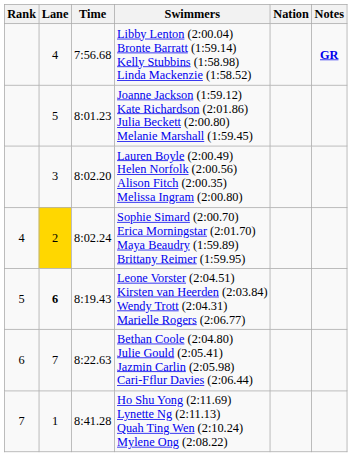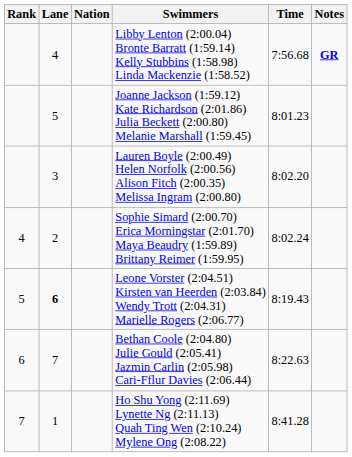 <table class="wikitable sortable" style="text-align:center">
 <tr>
 <th>Rank</th>
 <th>Lane</th>
+<th>Nation</th>
+<th>Swimmers</th>
 <th>Time</th>
-<th>Swimmers</th>
-<th>Nation</th>
 <th>Notes</th>
 </tr>
 <tr>
 <td></td>
 <td>4</td>
+<td align=left></td>
+<td align=left><a href='#'>Libby Lenton</a> (2:00.04)<br><a href='#'>Bronte Barratt</a> (1:59.14)<br><a href='#'>Kelly Stubbins</a> (1:58.98)<br><a href='#'>Linda Mackenzie</a> (1:58.52)</td>
 <td>7:56.68</td>
-<td align=left><a href='#'>Libby Lenton</a> (2:00.04)<br><a href='#'>Bronte Barratt</a> (1:59.14)<br><a href='#'>Kelly Stubbins</a> (1:58.98)<br><a href='#'>Linda Mackenzie</a> (1:58.52)</td>
-<td align=left></td>
 <td><strong><a href='#'>GR</a></strong></td>
 </tr>
 <tr>
 <td></td>
 <td>5</td>
+<td align=left></td>
+<td align=left><a href='#'>Joanne Jackson</a> (1:59.12)<br><a href='#'>Kate Richardson</a> (2:01.86)<br><a href='#'>Julia Beckett</a> (2:00.80)<br><a href='#'>Melanie Marshall</a> (1:59.45)</td>
 <td>8:01.23</td>
-<td align=left><a href='#'>Joanne Jackson</a> (1:59.12)<br><a href='#'>Kate Richardson</a> (2:01.86)<br><a href='#'>Julia Beckett</a> (2:00.80)<br><a href='#'>Melanie Marshall</a> (1:59.45)</td>
-<td align=left></td>
 <td></td>
 </tr>
 <tr>
 <td></td>
 <td>3</td>
+<td align=left></td>
+<td align=left><a href='#'>Lauren Boyle</a> (2:00.49)<br><a href='#'>Helen Norfolk</a> (2:00.56)<br><a href='#'>Alison Fitch</a> (2:00.35)<br><a href='#'>Melissa Ingram</a> (2:00.80)</td>
 <td>8:02.20</td>
-<td align=left><a href='#'>Lauren Boyle</a> (2:00.49)<br><a href='#'>Helen Norfolk</a> (2:00.56)<br><a href='#'>Alison Fitch</a> (2:00.35)<br><a href='#'>Melissa Ingram</a> (2:00.80)</td>
-<td align=left></td>
 <td></td>
 </tr>
 <tr>
 <td>4</td>
-<td style="background: gold;">2</td>
+<td>2</td>
+<td align=left></td>
+<td align=left><a href='#'>Sophie Simard</a> (2:00.70)<br><a href='#'>Erica Morningstar</a> (2:01.70)<br><a href='#'>Maya Beaudry</a> (1:59.89)<br><a href='#'>Brittany Reimer</a> (1:59.95)</td>
 <td>8:02.24</td>
-<td align=left><a href='#'>Sophie Simard</a> (2:00.70)<br><a href='#'>Erica Morningstar</a> (2:01.70)<br><a href='#'>Maya Beaudry</a> (1:59.89)<br><a href='#'>Brittany Reimer</a> (1:59.95)</td>
-<td align=left></td>
 <td></td>
 </tr>
 <tr>
 <td>5</td>
 <td><strong>6</strong></td>
+<td align=left></td>
+<td align=left><a href='#'>Leone Vorster</a> (2:04.51)<br><a href='#'>Kirsten van Heerden</a> (2:03.84)<br><a href='#'>Wendy Trott</a> (2:04.31)<br><a href='#'>Marielle Rogers</a> (2:06.77)</td>
 <td>8:19.43</td>
-<td align=left><a href='#'>Leone Vorster</a> (2:04.51)<br><a href='#'>Kirsten van Heerden</a> (2:03.84)<br><a href='#'>Wendy Trott</a> (2:04.31)<br><a href='#'>Marielle Rogers</a> (2:06.77)</td>
-<td align=left></td>
 <td></td>
 </tr>
 <tr>
 <td>6</td>
 <td>7</td>
+<td align=left></td>
+<td align=left><a href='#'>Bethan Coole</a> (2:04.80)<br><a href='#'>Julie Gould</a> (2:05.41)<br><a href='#'>Jazmin Carlin</a> (2:05.98)<br><a href='#'>Cari-Fflur Davies</a> (2:06.44)</td>
 <td>8:22.63</td>
-<td align=left><a href='#'>Bethan Coole</a> (2:04.80)<br><a href='#'>Julie Gould</a> (2:05.41)<br><a href='#'>Jazmin Carlin</a> (2:05.98)<br><a href='#'>Cari-Fflur Davies</a> (2:06.44)</td>
-<td align=left></td>
 <td></td>
 </tr>
 <tr>
 <td>7</td>
 <td>1</td>
+<td align=left></td>
+<td align=left><a href='#'>Ho Shu Yong</a> (2:11.69)<br><a href='#'>Lynette Ng</a> (2:11.13)<br><a href='#'>Quah Ting Wen</a> (2:10.24)<br><a href='#'>Mylene Ong</a> (2:08.22)</td>
 <td>8:41.28</td>
-<td align=left><a href='#'>Ho Shu Yong</a> (2:11.69)<br><a href='#'>Lynette Ng</a> (2:11.13)<br><a href='#'>Quah Ting Wen</a> (2:10.24)<br><a href='#'>Mylene Ong</a> (2:08.22)</td>
-<td align=left></td>
 <td></td>
 </tr>
 </table>
